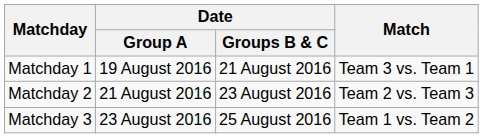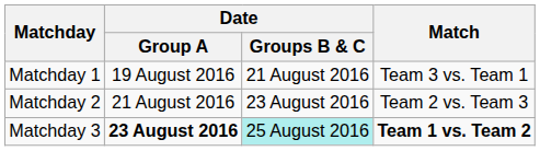 <table class="wikitable" style="text-align:center">
 <tr>
 <th rowspan=2>Matchday</th>
 <th colspan=2>Date</th>
 <th rowspan=2>Match</th>
 </tr>
 <tr>
 <th>Group A</th>
 <th>Groups B & C</th>
 </tr>
 <tr>
 <td>Matchday 1</td>
 <td>19 August 2016</td>
 <td>21 August 2016</td>
 <td>Team 3 vs. Team 1</td>
 </tr>
 <tr>
 <td>Matchday 2</td>
 <td>21 August 2016</td>
 <td>23 August 2016</td>
 <td>Team 2 vs. Team 3</td>
 </tr>
 <tr>
 <td>Matchday 3</td>
-<td>23 August 2016</td>
-<td>25 August 2016</td>
-<td>Team 1 vs. Team 2</td>
+<td><strong>23 August 2016</strong></td>
+<td style="background: paleturquoise;">25 August 2016</td>
+<td><strong>Team 1 vs. Team 2</strong></td>
 </tr>
 </table>
